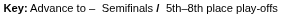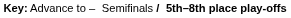 <table style="font-size: 85%;">
 <tr>
 <td height=5></td>
 </tr>
 <tr>
 <td><strong>Key:</strong> Advance to –</td>
 <td></td>
 <td>Semifinals <strong>/</strong></td>
 <td></td>
-<td>5th–8th place play-offs</td>
+<td><strong>5th–8th place play-offs</strong></td>
 </tr>
 </table>
